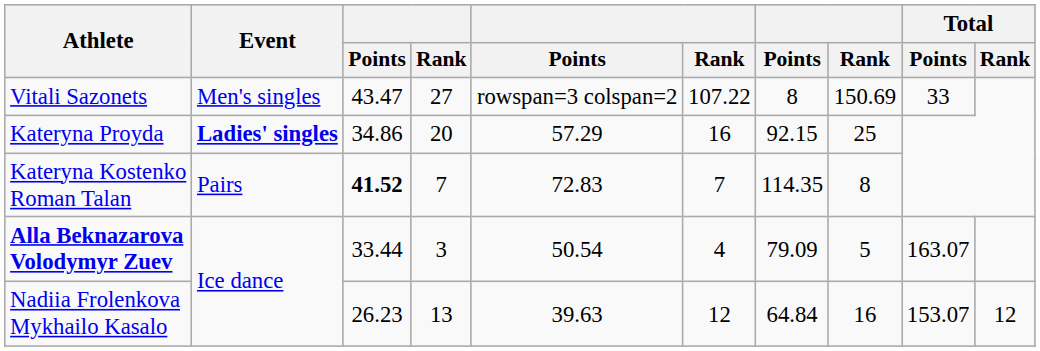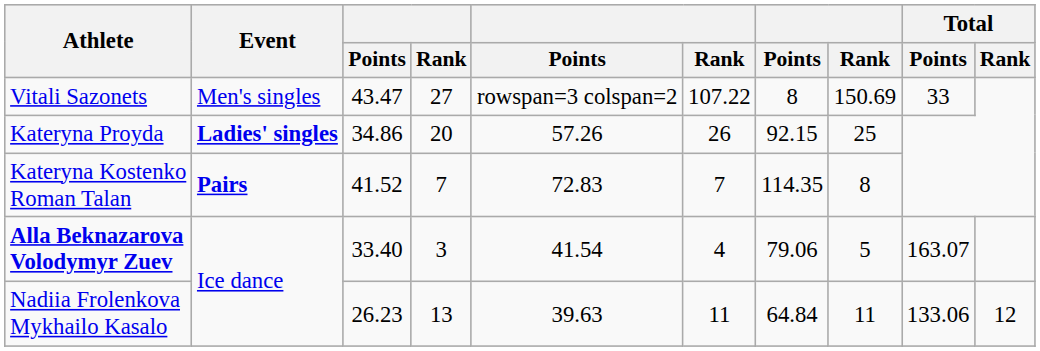 <table class=wikitable style=font-size:90%;text-align:center>
 <tr>
 <th rowspan="2">Athlete</th>
 <th rowspan="2">Event</th>
 <th colspan="2"></th>
 <th colspan="2"></th>
 <th colspan="2"></th>
 <th colspan="2">Total</th>
 </tr>
 <tr style="font-size:95%">
 <th>Points</th>
 <th>Rank</th>
 <th>Points</th>
 <th>Rank</th>
 <th>Points</th>
 <th>Rank</th>
 <th>Points</th>
 <th>Rank</th>
 </tr>
 <tr>
 <td align=left><a href='#'>Vitali Sazonets</a></td>
 <td align=left><a href='#'>Men's singles</a></td>
 <td>43.47</td>
 <td>27</td>
 <td>rowspan=3 colspan=2 </td>
 <td>107.22</td>
 <td>8</td>
 <td>150.69</td>
 <td>33</td>
 </tr>
 <tr>
 <td align=left><a href='#'>Kateryna Proyda</a></td>
 <td align=left><strong><a href='#'>Ladies' singles</a></strong></td>
 <td>34.86</td>
 <td>20</td>
-<td>57.29</td>
-<td>16</td>
+<td>57.26</td>
+<td>26</td>
 <td>92.15</td>
 <td>25</td>
 </tr>
 <tr>
 <td align=left><a href='#'>Kateryna Kostenko</a><br><a href='#'>Roman Talan</a></td>
-<td align=left><a href='#'>Pairs</a></td>
-<td><strong>41.52</strong></td>
+<td align=left><strong><a href='#'>Pairs</a></strong></td>
+<td>41.52</td>
 <td>7</td>
 <td>72.83</td>
 <td>7</td>
 <td>114.35</td>
 <td>8</td>
 </tr>
 <tr>
 <td align=left><strong><a href='#'>Alla Beknazarova</a><br><a href='#'>Volodymyr Zuev</a></strong></td>
 <td align=left rowspan=2><a href='#'>Ice dance</a></td>
-<td>33.44</td>
+<td>33.40</td>
 <td>3</td>
-<td>50.54</td>
+<td>41.54</td>
 <td>4</td>
-<td>79.09</td>
+<td>79.06</td>
 <td>5</td>
 <td>163.07</td>
 <td></td>
 </tr>
 <tr>
 <td align=left><a href='#'>Nadiia Frolenkova</a><br><a href='#'>Mykhailo Kasalo</a></td>
 <td>26.23</td>
 <td>13</td>
 <td>39.63</td>
-<td>12</td>
+<td>11</td>
 <td>64.84</td>
-<td>16</td>
-<td>153.07</td>
+<td>11</td>
+<td>133.06</td>
 <td>12</td>
 </tr>
 </table>
